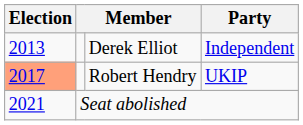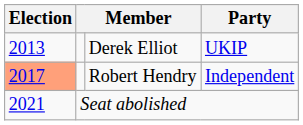 <table class="wikitable">
 <tr>
 <th>Election</th>
 <th colspan="2">Member</th>
 <th>Party</th>
 </tr>
 <tr>
 <td><a href='#'>2013</a></td>
 <td rowspan="1" style="background-color: "></td>
 <td rowspan="1">Derek Elliot</td>
-<td rowspan="1"><a href='#'>Independent</a></td>
+<td rowspan="1"><a href='#'>UKIP</a></td>
 </tr>
 <tr>
 <td style="background: lightsalmon;"><a href='#'>2017</a></td>
 <td rowspan="1" style="background-color: "></td>
 <td rowspan="1">Robert Hendry</td>
-<td rowspan="1"><a href='#'>UKIP</a></td>
+<td rowspan="1"><a href='#'>Independent</a></td>
 </tr>
 <tr>
 <td><a href='#'>2021</a></td>
 <td colspan="3"><em>Seat abolished</em></td>
 </tr>
 </table>
